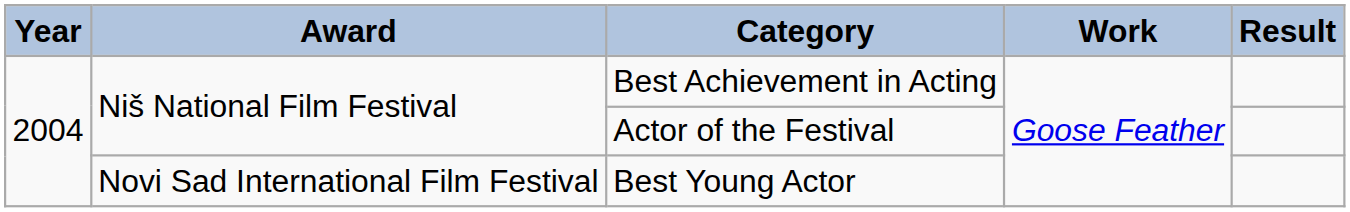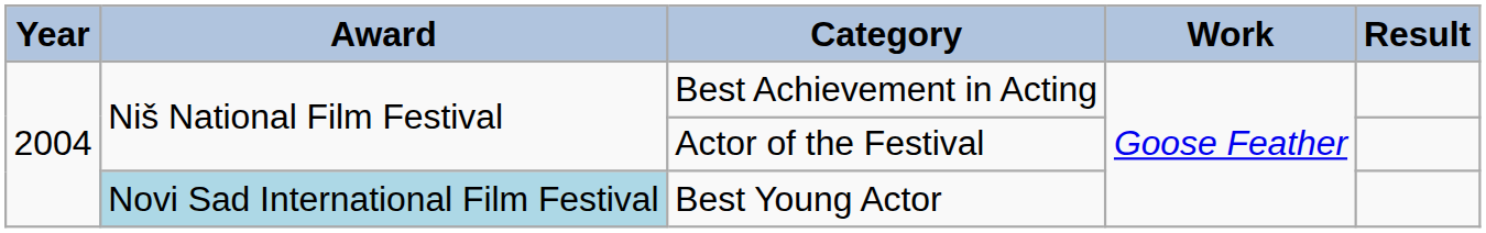 <table class="wikitable" style="font-size:90%;">
 <tr>
 <th style="background:#B0C4DE;">Year</th>
 <th style="background:#B0C4DE;">Award</th>
 <th style="background:#B0C4DE;">Category</th>
 <th style="background:#B0C4DE;">Work</th>
 <th style="background:#B0C4DE;">Result</th>
 </tr>
 <tr>
 <td rowspan="3">2004</td>
 <td rowspan="2">Niš National Film Festival</td>
 <td>Best Achievement in Acting</td>
 <td rowspan="3"><em><a href='#'>Goose Feather</a></em></td>
 <td></td>
 </tr>
 <tr>
 <td>Actor of the Festival</td>
 <td></td>
 </tr>
 <tr>
-<td>Novi Sad International Film Festival</td>
+<td style="background: lightblue;">Novi Sad International Film Festival</td>
 <td>Best Young Actor</td>
 <td></td>
 </tr>
 </table>
